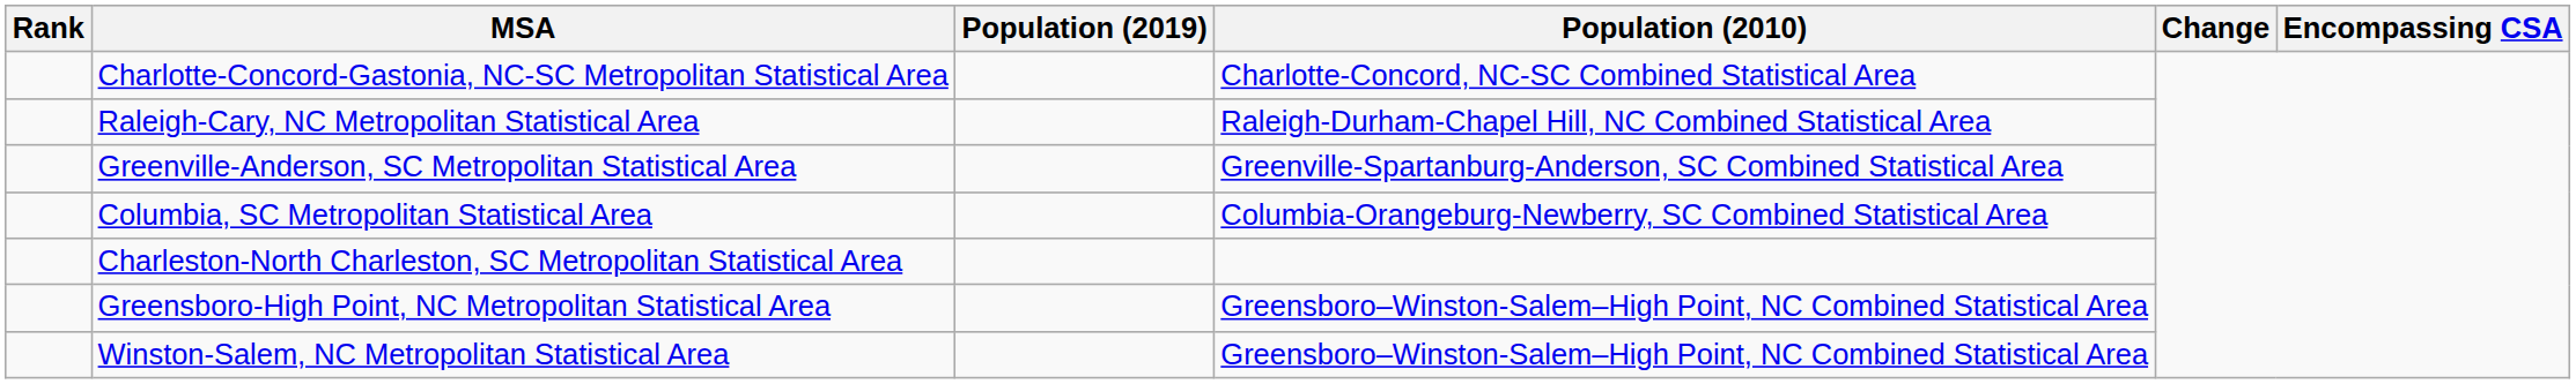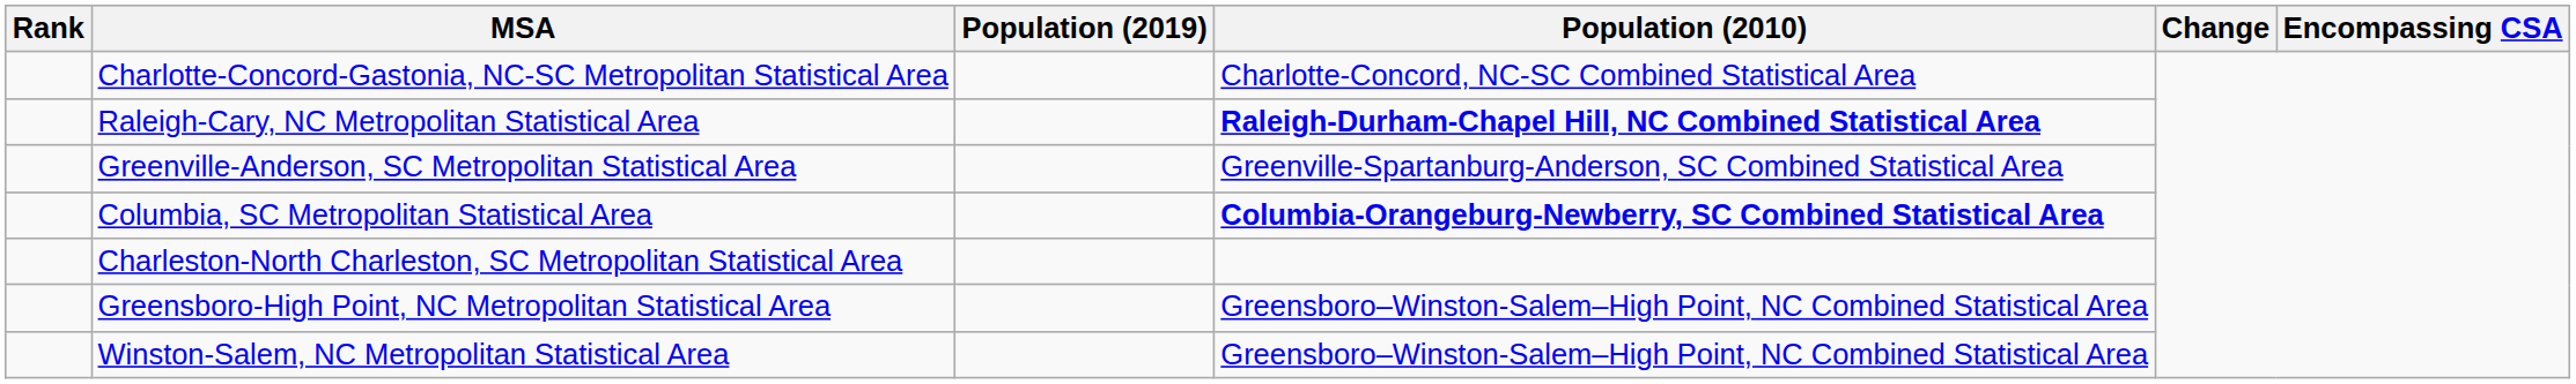 <table class="wikitable sortable">
 <tr>
 <th>Rank</th>
 <th>MSA</th>
 <th>Population (2019)</th>
 <th>Population (2010)</th>
 <th>Change</th>
 <th>Encompassing <a href='#'>CSA</a></th>
 </tr>
 <tr>
 <td align=center></td>
 <td><a href='#'>Charlotte-Concord-Gastonia, NC-SC Metropolitan Statistical Area</a></td>
 <td></td>
 <td><a href='#'>Charlotte-Concord, NC-SC Combined Statistical Area</a></td>
 </tr>
 <tr>
 <td align=center></td>
 <td><a href='#'>Raleigh-Cary, NC Metropolitan Statistical Area</a></td>
 <td></td>
-<td><a href='#'>Raleigh-Durham-Chapel Hill, NC Combined Statistical Area</a></td>
+<td><strong><a href='#'>Raleigh-Durham-Chapel Hill, NC Combined Statistical Area</a></strong></td>
 </tr>
 <tr>
 <td align=center></td>
 <td><a href='#'>Greenville-Anderson, SC Metropolitan Statistical Area</a></td>
 <td></td>
 <td><a href='#'>Greenville-Spartanburg-Anderson, SC Combined Statistical Area</a></td>
 </tr>
 <tr>
 <td align=center></td>
 <td><a href='#'>Columbia, SC Metropolitan Statistical Area</a></td>
 <td></td>
-<td><a href='#'>Columbia-Orangeburg-Newberry, SC Combined Statistical Area</a></td>
+<td><strong><a href='#'>Columbia-Orangeburg-Newberry, SC Combined Statistical Area</a></strong></td>
 </tr>
 <tr>
 <td align=center></td>
 <td><a href='#'>Charleston-North Charleston, SC Metropolitan Statistical Area</a></td>
 <td></td>
 <td></td>
 </tr>
 <tr>
 <td align=center></td>
 <td><a href='#'>Greensboro-High Point, NC Metropolitan Statistical Area</a></td>
 <td></td>
 <td><a href='#'>Greensboro–Winston-Salem–High Point, NC Combined Statistical Area</a></td>
 </tr>
 <tr>
 <td align=center></td>
 <td><a href='#'>Winston-Salem, NC Metropolitan Statistical Area</a></td>
 <td></td>
 <td><a href='#'>Greensboro–Winston-Salem–High Point, NC Combined Statistical Area</a></td>
 </tr>
 </table>
